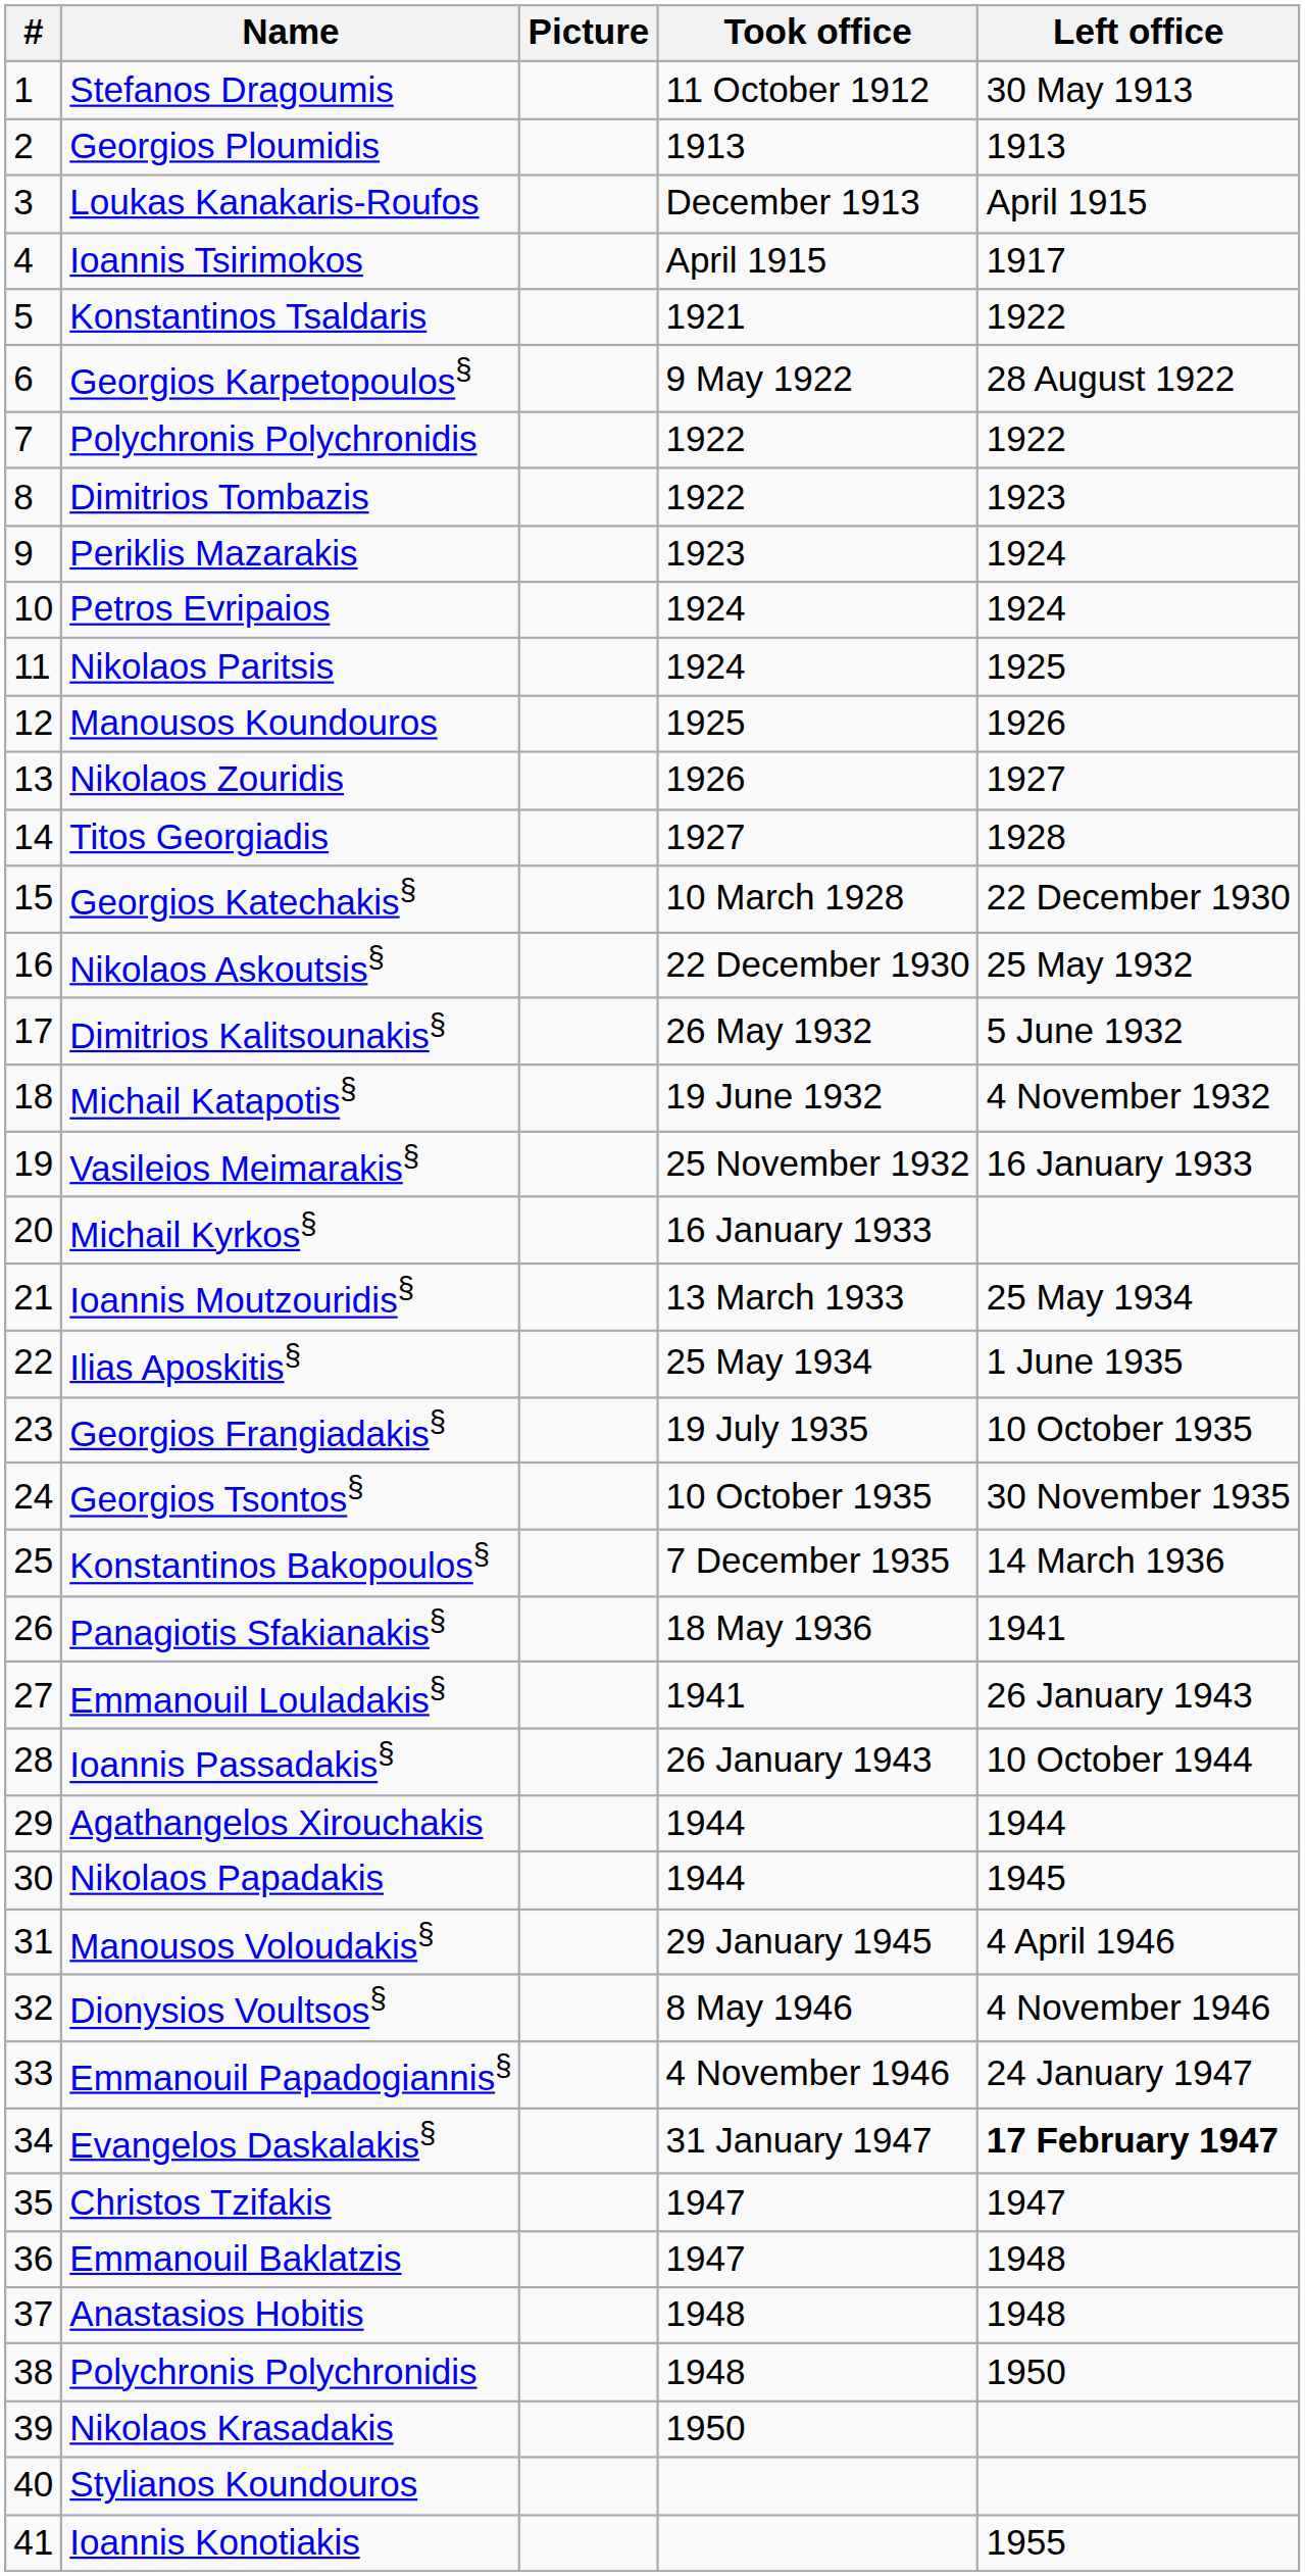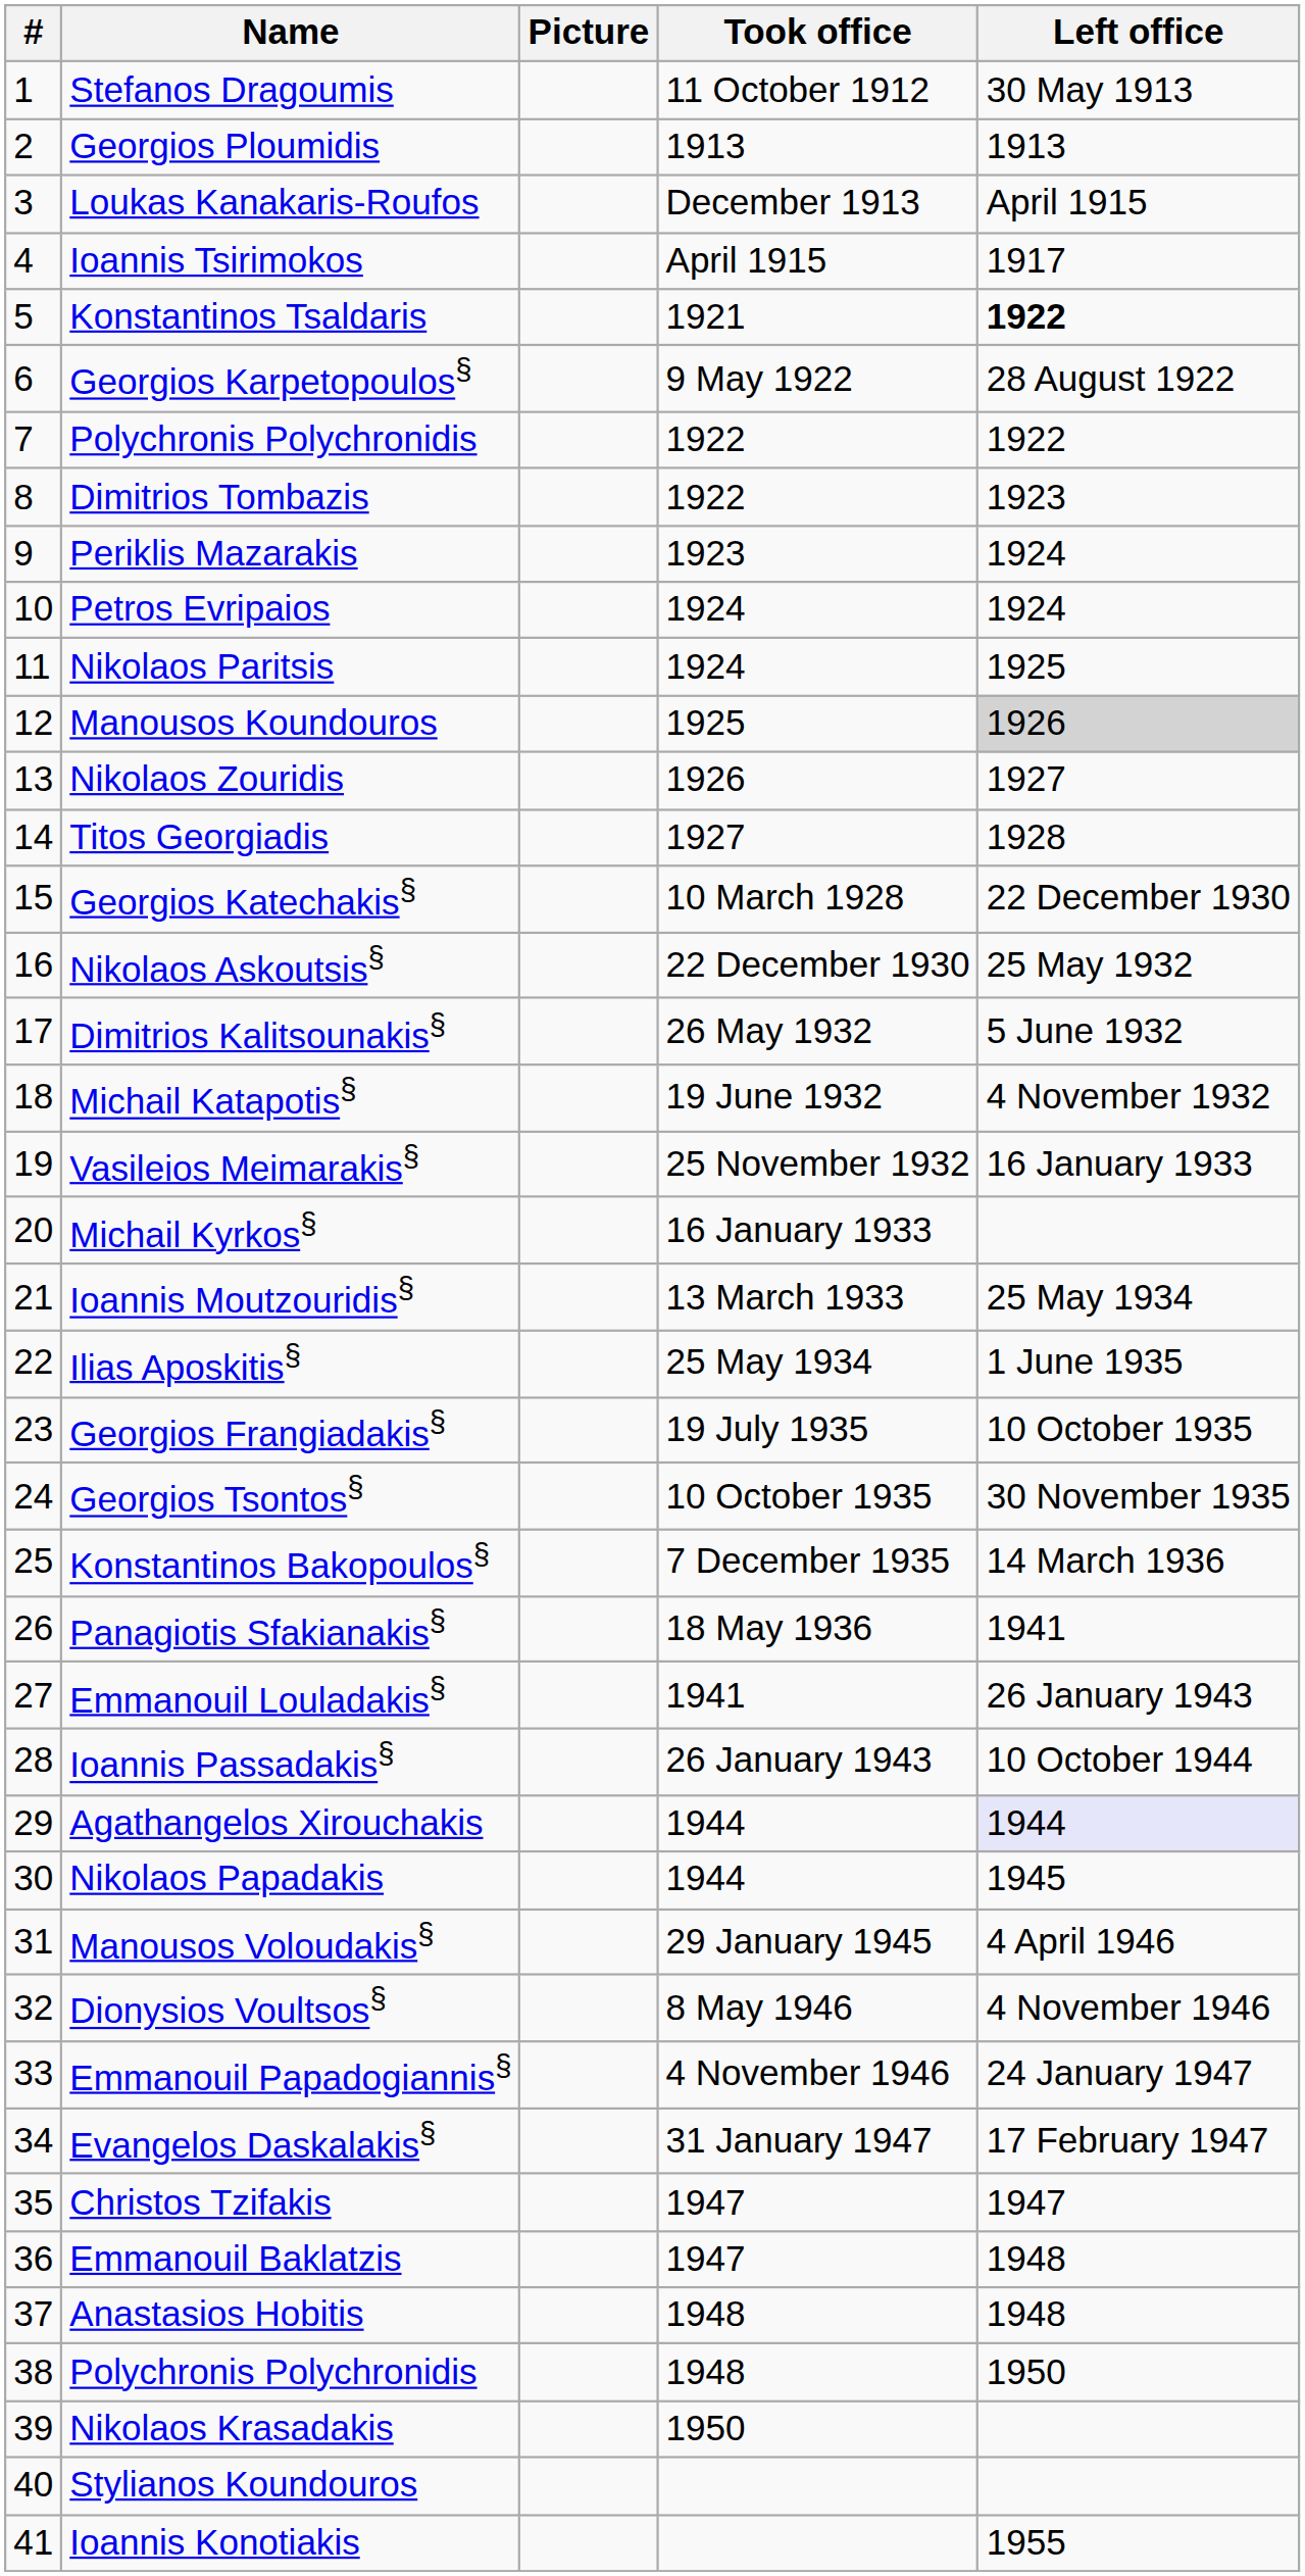 <table class="wikitable">
 <tr>
 <th>#</th>
 <th>Name</th>
 <th>Picture</th>
 <th>Took office</th>
 <th>Left office</th>
 </tr>
 <tr>
 <td>1</td>
 <td><a href='#'>Stefanos Dragoumis</a></td>
 <td></td>
 <td>11 October 1912</td>
 <td>30 May 1913</td>
 </tr>
 <tr>
 <td>2</td>
 <td><a href='#'>Georgios Ploumidis</a></td>
 <td></td>
 <td>1913</td>
 <td>1913</td>
 </tr>
 <tr>
 <td>3</td>
 <td><a href='#'>Loukas Kanakaris-Roufos</a></td>
 <td></td>
 <td>December 1913</td>
 <td>April 1915</td>
 </tr>
 <tr>
 <td>4</td>
 <td><a href='#'>Ioannis Tsirimokos</a></td>
 <td></td>
 <td>April 1915</td>
 <td>1917</td>
 </tr>
 <tr>
 <td>5</td>
 <td><a href='#'>Konstantinos Tsaldaris</a></td>
 <td></td>
 <td>1921</td>
-<td>1922</td>
+<td><strong>1922</strong></td>
 </tr>
 <tr>
 <td>6</td>
 <td><a href='#'>Georgios Karpetopoulos</a><sup>§</sup></td>
 <td></td>
 <td>9 May 1922</td>
 <td>28 August 1922</td>
 </tr>
 <tr>
 <td>7</td>
 <td><a href='#'>Polychronis Polychronidis</a></td>
 <td></td>
 <td>1922</td>
 <td>1922</td>
 </tr>
 <tr>
 <td>8</td>
 <td><a href='#'>Dimitrios Tombazis</a></td>
 <td></td>
 <td>1922</td>
 <td>1923</td>
 </tr>
 <tr>
 <td>9</td>
 <td><a href='#'>Periklis Mazarakis</a></td>
 <td></td>
 <td>1923</td>
 <td>1924</td>
 </tr>
 <tr>
 <td>10</td>
 <td><a href='#'>Petros Evripaios</a></td>
 <td></td>
 <td>1924</td>
 <td>1924</td>
 </tr>
 <tr>
 <td>11</td>
 <td><a href='#'>Nikolaos Paritsis</a></td>
 <td></td>
 <td>1924</td>
 <td>1925</td>
 </tr>
 <tr>
 <td>12</td>
 <td><a href='#'>Manousos Koundouros</a></td>
 <td></td>
 <td>1925</td>
-<td>1926</td>
+<td style="background: lightgrey;">1926</td>
 </tr>
 <tr>
 <td>13</td>
 <td><a href='#'>Nikolaos Zouridis</a></td>
 <td></td>
 <td>1926</td>
 <td>1927</td>
 </tr>
 <tr>
 <td>14</td>
 <td><a href='#'>Titos Georgiadis</a></td>
 <td></td>
 <td>1927</td>
 <td>1928</td>
 </tr>
 <tr>
 <td>15</td>
 <td><a href='#'>Georgios Katechakis</a><sup>§</sup></td>
 <td></td>
 <td>10 March 1928</td>
 <td>22 December 1930</td>
 </tr>
 <tr>
 <td>16</td>
 <td><a href='#'>Nikolaos Askoutsis</a><sup>§</sup></td>
 <td></td>
 <td>22 December 1930</td>
 <td>25 May 1932</td>
 </tr>
 <tr>
 <td>17</td>
 <td><a href='#'>Dimitrios Kalitsounakis</a><sup>§</sup></td>
 <td></td>
 <td>26 May 1932</td>
 <td>5 June 1932</td>
 </tr>
 <tr>
 <td>18</td>
 <td><a href='#'>Michail Katapotis</a><sup>§</sup></td>
 <td></td>
 <td>19 June 1932</td>
 <td>4 November 1932</td>
 </tr>
 <tr>
 <td>19</td>
 <td><a href='#'>Vasileios Meimarakis</a><sup>§</sup></td>
 <td></td>
 <td>25 November 1932</td>
 <td>16 January 1933</td>
 </tr>
 <tr>
 <td>20</td>
 <td><a href='#'>Michail Kyrkos</a><sup>§</sup></td>
 <td></td>
 <td>16 January 1933</td>
 <td></td>
 </tr>
 <tr>
 <td>21</td>
 <td><a href='#'>Ioannis Moutzouridis</a><sup>§</sup></td>
 <td></td>
 <td>13 March 1933</td>
 <td>25 May 1934</td>
 </tr>
 <tr>
 <td>22</td>
 <td><a href='#'>Ilias Aposkitis</a><sup>§</sup></td>
 <td></td>
 <td>25 May 1934</td>
 <td>1 June 1935</td>
 </tr>
 <tr>
 <td>23</td>
 <td><a href='#'>Georgios Frangiadakis</a><sup>§</sup></td>
 <td></td>
 <td>19 July 1935</td>
 <td>10 October 1935</td>
 </tr>
 <tr>
 <td>24</td>
 <td><a href='#'>Georgios Tsontos</a><sup>§</sup></td>
 <td></td>
 <td>10 October 1935</td>
 <td>30 November 1935</td>
 </tr>
 <tr>
 <td>25</td>
 <td><a href='#'>Konstantinos Bakopoulos</a><sup>§</sup></td>
 <td></td>
 <td>7 December 1935</td>
 <td>14 March 1936</td>
 </tr>
 <tr>
 <td>26</td>
 <td><a href='#'>Panagiotis Sfakianakis</a><sup>§</sup></td>
 <td></td>
 <td>18 May 1936</td>
 <td>1941</td>
 </tr>
 <tr>
 <td>27</td>
 <td><a href='#'>Emmanouil Louladakis</a><sup>§</sup></td>
 <td></td>
 <td>1941</td>
 <td>26 January 1943</td>
 </tr>
 <tr>
 <td>28</td>
 <td><a href='#'>Ioannis Passadakis</a><sup>§</sup></td>
 <td></td>
 <td>26 January 1943</td>
 <td>10 October 1944</td>
 </tr>
 <tr>
 <td>29</td>
 <td><a href='#'>Agathangelos Xirouchakis</a></td>
 <td></td>
 <td>1944</td>
-<td>1944</td>
+<td style="background: lavender;">1944</td>
 </tr>
 <tr>
 <td>30</td>
 <td><a href='#'>Nikolaos Papadakis</a></td>
 <td></td>
 <td>1944</td>
 <td>1945</td>
 </tr>
 <tr>
 <td>31</td>
 <td><a href='#'>Manousos Voloudakis</a><sup>§</sup></td>
 <td></td>
 <td>29 January 1945</td>
 <td>4 April 1946</td>
 </tr>
 <tr>
 <td>32</td>
 <td><a href='#'>Dionysios Voultsos</a><sup>§</sup></td>
 <td></td>
 <td>8 May 1946</td>
 <td>4 November 1946</td>
 </tr>
 <tr>
 <td>33</td>
 <td><a href='#'>Emmanouil Papadogiannis</a><sup>§</sup></td>
 <td></td>
 <td>4 November 1946</td>
 <td>24 January 1947</td>
 </tr>
 <tr>
 <td>34</td>
 <td><a href='#'>Evangelos Daskalakis</a><sup>§</sup></td>
 <td></td>
 <td>31 January 1947</td>
-<td><strong>17 February 1947</strong></td>
+<td>17 February 1947</td>
 </tr>
 <tr>
 <td>35</td>
 <td><a href='#'>Christos Tzifakis</a></td>
 <td></td>
 <td>1947</td>
 <td>1947</td>
 </tr>
 <tr>
 <td>36</td>
 <td><a href='#'>Emmanouil Baklatzis</a></td>
 <td></td>
 <td>1947</td>
 <td>1948</td>
 </tr>
 <tr>
 <td>37</td>
 <td><a href='#'>Anastasios Hobitis</a></td>
 <td></td>
 <td>1948</td>
 <td>1948</td>
 </tr>
 <tr>
 <td>38</td>
 <td><a href='#'>Polychronis Polychronidis</a></td>
 <td></td>
 <td>1948</td>
 <td>1950</td>
 </tr>
 <tr>
 <td>39</td>
 <td><a href='#'>Nikolaos Krasadakis</a></td>
 <td></td>
 <td>1950</td>
 <td></td>
 </tr>
 <tr>
 <td>40</td>
 <td><a href='#'>Stylianos Koundouros</a></td>
 <td></td>
 <td></td>
 <td></td>
 </tr>
 <tr>
 <td>41</td>
 <td><a href='#'>Ioannis Konotiakis</a></td>
 <td></td>
 <td></td>
 <td>1955</td>
 </tr>
 </table>
